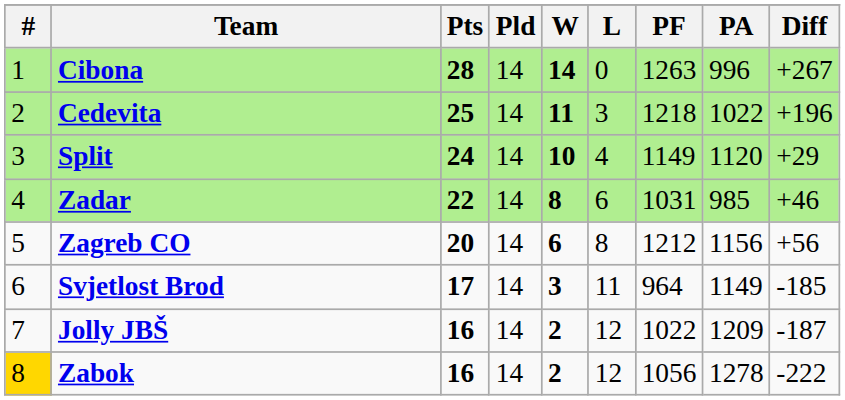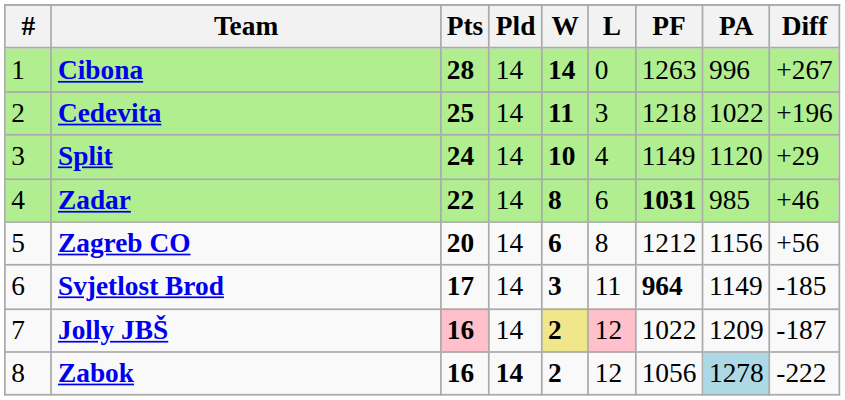 <table class=wikitable>
 <tr align=center>
 </tr>
 <tr>
 <th width=20>#</th>
 <th width=220>Team</th>
 <th width=20>Pts</th>
 <th width=20>Pld</th>
 <th width=20>W</th>
 <th width=20>L</th>
 <th width=20>PF</th>
 <th width=20>PA</th>
 <th width=20>Diff</th>
 </tr>
 <tr bgcolor=B0EE90>
 <td>1</td>
 <td align="left"><strong><a href='#'>Cibona</a></strong></td>
 <td><strong>28</strong></td>
 <td>14</td>
 <td><strong>14</strong></td>
 <td>0</td>
 <td>1263</td>
 <td>996</td>
 <td>+267</td>
 </tr>
 <tr bgcolor=B0EE90>
 <td>2</td>
 <td align="left"><strong><a href='#'>Cedevita</a></strong></td>
 <td><strong>25</strong></td>
 <td>14</td>
 <td><strong>11</strong></td>
 <td>3</td>
 <td>1218</td>
 <td>1022</td>
 <td>+196</td>
 </tr>
 <tr bgcolor=B0EE90>
 <td>3</td>
 <td align="left"><strong><a href='#'>Split</a></strong></td>
 <td><strong>24</strong></td>
 <td>14</td>
 <td><strong>10</strong></td>
 <td>4</td>
 <td>1149</td>
 <td>1120</td>
 <td>+29</td>
 </tr>
 <tr bgcolor=B0EE90>
 <td>4</td>
 <td align="left"><strong><a href='#'>Zadar</a></strong></td>
 <td><strong>22</strong></td>
 <td>14</td>
 <td><strong>8</strong></td>
 <td>6</td>
-<td>1031</td>
+<td><strong>1031</strong></td>
 <td>985</td>
 <td>+46</td>
 </tr>
 <tr>
 <td>5</td>
 <td align="left"><strong><a href='#'>Zagreb CO</a></strong></td>
 <td><strong>20</strong></td>
 <td>14</td>
 <td><strong>6</strong></td>
 <td>8</td>
 <td>1212</td>
 <td>1156</td>
 <td>+56</td>
 </tr>
 <tr>
 <td>6</td>
 <td align="left"><strong><a href='#'>Svjetlost Brod</a></strong></td>
 <td><strong>17</strong></td>
 <td>14</td>
 <td><strong>3</strong></td>
 <td>11</td>
-<td>964</td>
+<td><strong>964</strong></td>
 <td>1149</td>
 <td>-185</td>
 </tr>
 <tr>
 <td>7</td>
 <td align="left"><strong><a href='#'>Jolly JBŠ</a></strong></td>
-<td><strong>16</strong></td>
+<td style="background: pink;"><strong>16</strong></td>
 <td>14</td>
-<td><strong>2</strong></td>
-<td>12</td>
+<td style="background: khaki;"><strong>2</strong></td>
+<td style="background: pink;">12</td>
 <td>1022</td>
 <td>1209</td>
 <td>-187</td>
 </tr>
 <tr>
-<td style="background: gold;">8</td>
+<td>8</td>
 <td align="left"><strong><a href='#'>Zabok</a></strong></td>
 <td><strong>16</strong></td>
-<td>14</td>
+<td><strong>14</strong></td>
 <td><strong>2</strong></td>
 <td>12</td>
 <td>1056</td>
-<td>1278</td>
+<td style="background: lightblue;">1278</td>
 <td>-222</td>
 </tr>
 </table>
